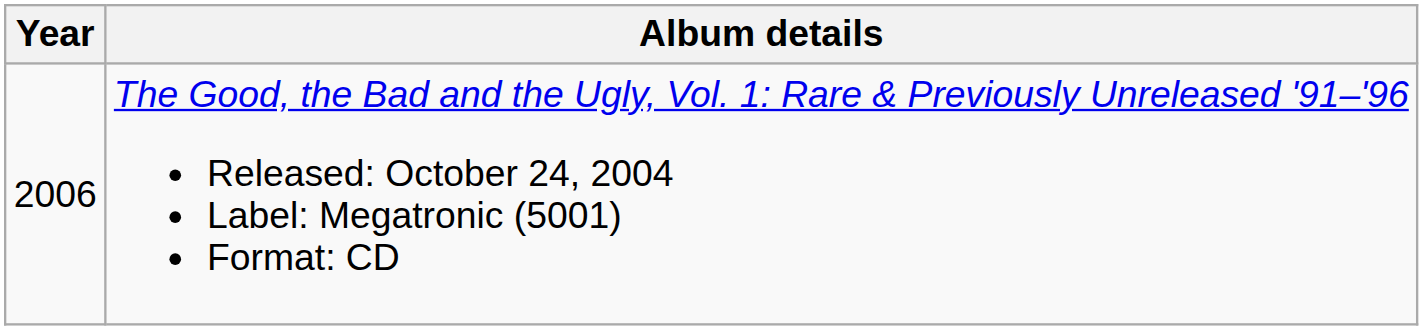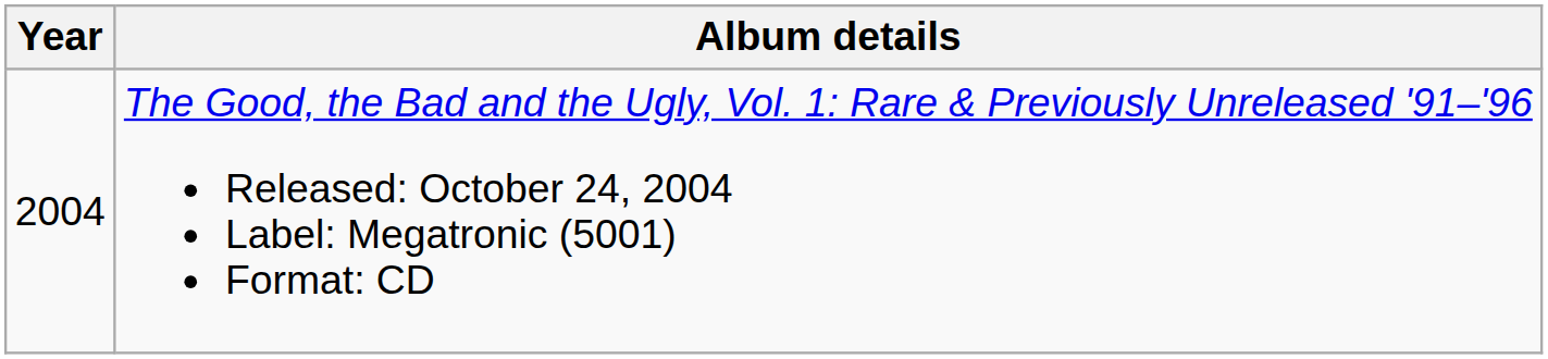 <table class="wikitable">
 <tr>
 <th>Year</th>
 <th>Album details</th>
 </tr>
 <tr>
-<td>2006</td>
+<td>2004</td>
 <td><em><a href='#'>The Good, the Bad and the Ugly, Vol. 1: Rare & Previously Unreleased '91–'96</a></em><br><ul><li>Released: October 24, 2004</li><li>Label: Megatronic (5001)</li><li>Format: CD</li></ul></td>
 </tr>
 </table>
